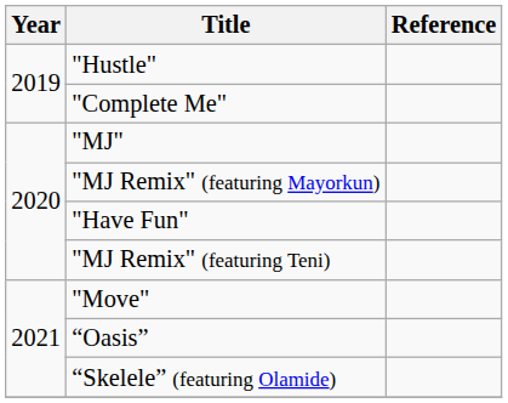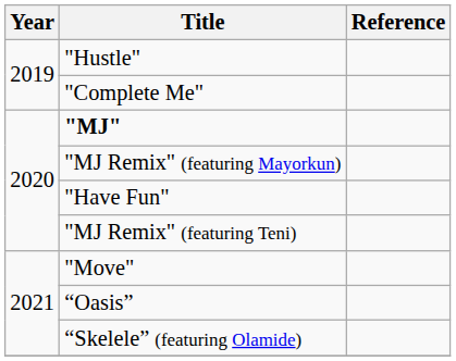 <table class="wikitable">
 <tr>
 <th>Year</th>
 <th>Title</th>
 <th>Reference</th>
 </tr>
 <tr>
 <td rowspan=2>2019</td>
 <td>"Hustle"</td>
 <td></td>
 </tr>
 <tr>
 <td>"Complete Me"</td>
 <td></td>
 </tr>
 <tr>
 <td rowspan=4>2020</td>
-<td>"MJ"</td>
+<td><strong>"MJ"</strong></td>
 <td></td>
 </tr>
 <tr>
 <td>"MJ Remix" <small>(featuring <a href='#'>Mayorkun</a>)</small></td>
 <td></td>
 </tr>
 <tr>
 <td>"Have Fun"</td>
 <td></td>
 </tr>
 <tr>
 <td>"MJ Remix" <small>(featuring Teni)</small></td>
 <td></td>
 </tr>
 <tr>
 <td rowspan=3>2021</td>
 <td>"Move"</td>
 <td></td>
 </tr>
 <tr>
 <td>“Oasis”</td>
 <td></td>
 </tr>
 <tr>
 <td>“Skelele” <small>(featuring <a href='#'>Olamide</a>)</small></td>
 <td></td>
 </tr>
 <tr>
 </tr>
 </table>
